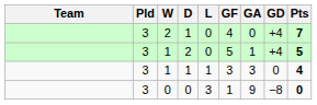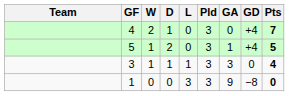 <table class="wikitable" style="text-align:center;">
 <tr>
 <th width=165>Team</th>
-<th width=20>Pld</th>
+<th width=20>GF</th>
 <th width=20>W</th>
 <th width=20>D</th>
 <th width=20>L</th>
-<th width=20>GF</th>
+<th width=20>Pld</th>
 <th width=20>GA</th>
 <th width=20>GD</th>
 <th width=20>Pts</th>
 </tr>
 <tr style="background:#ccffcc;">
 <td style="text-align:left;"></td>
-<td>3</td>
+<td>4</td>
 <td>2</td>
 <td>1</td>
 <td>0</td>
-<td>4</td>
+<td>3</td>
 <td>0</td>
 <td>+4</td>
 <td><strong>7</strong></td>
 </tr>
 <tr style="background:#ccffcc;">
 <td style="text-align:left;"></td>
-<td>3</td>
+<td>5</td>
 <td>1</td>
 <td>2</td>
 <td>0</td>
-<td>5</td>
+<td>3</td>
 <td>1</td>
 <td>+4</td>
 <td><strong>5</strong></td>
 </tr>
 <tr>
 <td style="text-align:left;"></td>
 <td>3</td>
 <td>1</td>
 <td>1</td>
 <td>1</td>
 <td>3</td>
 <td>3</td>
 <td>0</td>
 <td><strong>4</strong></td>
 </tr>
 <tr>
 <td style="text-align:left;"></td>
-<td>3</td>
+<td>1</td>
 <td>0</td>
 <td>0</td>
 <td>3</td>
-<td>1</td>
+<td>3</td>
 <td>9</td>
 <td>−8</td>
 <td><strong>0</strong></td>
 </tr>
 </table>
